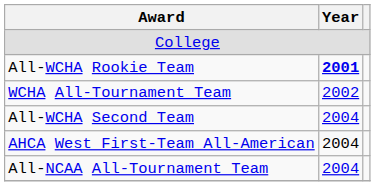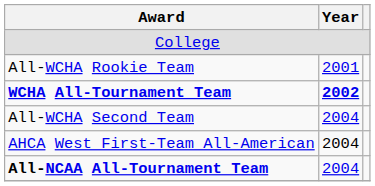 <table class="wikitable">
 <tr>
 <th>Award</th>
 <th>Year</th>
 <th></th>
 </tr>
 <tr ALIGN="center" bgcolor="#e0e0e0">
 <td colspan="3"><a href='#'>College</a></td>
 </tr>
 <tr>
 <td>All-<a href='#'>WCHA</a> <a href='#'>Rookie Team</a></td>
-<td><strong><a href='#'>2001</a></strong></td>
+<td><a href='#'>2001</a></td>
 <td></td>
 </tr>
 <tr>
-<td><a href='#'>WCHA</a> <a href='#'>All-Tournament Team</a></td>
-<td><a href='#'>2002</a></td>
+<td><strong><a href='#'>WCHA</a> <a href='#'>All-Tournament Team</a></strong></td>
+<td><strong><a href='#'>2002</a></strong></td>
 <td></td>
 </tr>
 <tr>
 <td>All-<a href='#'>WCHA</a> <a href='#'>Second Team</a></td>
 <td><a href='#'>2004</a></td>
 <td></td>
 </tr>
 <tr>
 <td><a href='#'>AHCA</a> <a href='#'>West First-Team All-American</a></td>
 <td>2004</td>
 <td></td>
 </tr>
 <tr>
-<td>All-<a href='#'>NCAA</a> <a href='#'>All-Tournament Team</a></td>
+<td><strong>All-<a href='#'>NCAA</a> <a href='#'>All-Tournament Team</a></strong></td>
 <td><a href='#'>2004</a></td>
 <td></td>
 </tr>
 <tr>
 </tr>
 </table>
